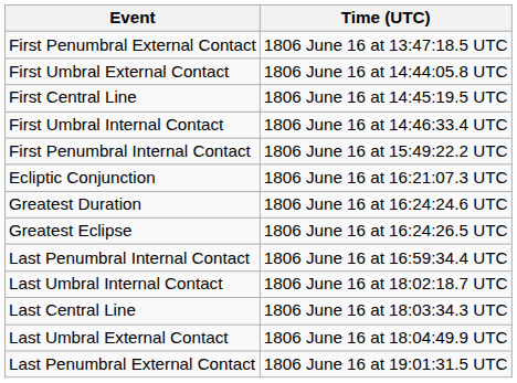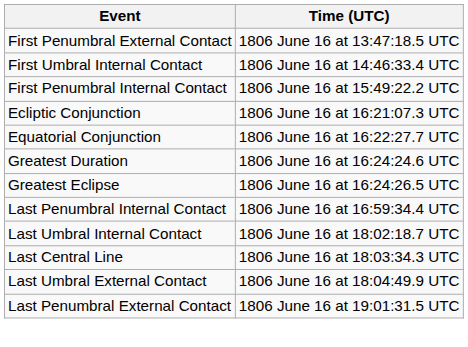 <table class="wikitable">
 <tr>
 <th>Event</th>
 <th>Time (UTC)</th>
 </tr>
 <tr>
 <td>First Penumbral External Contact</td>
 <td>1806 June 16 at 13:47:18.5 UTC</td>
-</tr>
-<tr>
-<td>First Umbral External Contact</td>
-<td>1806 June 16 at 14:44:05.8 UTC</td>
-</tr>
-<tr>
-<td>First Central Line</td>
-<td>1806 June 16 at 14:45:19.5 UTC</td>
 </tr>
 <tr>
 <td>First Umbral Internal Contact</td>
 <td>1806 June 16 at 14:46:33.4 UTC</td>
 </tr>
 <tr>
 <td>First Penumbral Internal Contact</td>
 <td>1806 June 16 at 15:49:22.2 UTC</td>
 </tr>
 <tr>
 <td>Ecliptic Conjunction</td>
 <td>1806 June 16 at 16:21:07.3 UTC</td>
+</tr>
+<tr>
+<td>Equatorial Conjunction</td>
+<td>1806 June 16 at 16:22:27.7 UTC</td>
 </tr>
 <tr>
 <td>Greatest Duration</td>
 <td>1806 June 16 at 16:24:24.6 UTC</td>
 </tr>
 <tr>
 <td>Greatest Eclipse</td>
 <td>1806 June 16 at 16:24:26.5 UTC</td>
 </tr>
 <tr>
 <td>Last Penumbral Internal Contact</td>
 <td>1806 June 16 at 16:59:34.4 UTC</td>
 </tr>
 <tr>
 <td>Last Umbral Internal Contact</td>
 <td>1806 June 16 at 18:02:18.7 UTC</td>
 </tr>
 <tr>
 <td>Last Central Line</td>
 <td>1806 June 16 at 18:03:34.3 UTC</td>
 </tr>
 <tr>
 <td>Last Umbral External Contact</td>
 <td>1806 June 16 at 18:04:49.9 UTC</td>
 </tr>
 <tr>
 <td>Last Penumbral External Contact</td>
 <td>1806 June 16 at 19:01:31.5 UTC</td>
 </tr>
 </table>
